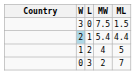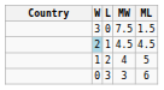 <table class="wikitable sortable" style="text-align:center">
 <tr>
 <th width=110>Country</th>
 <th>W</th>
 <th>L</th>
 <th>MW</th>
 <th>ML</th>
 </tr>
 <tr>
 <td align=left><strong></strong></td>
 <td>3</td>
 <td>0</td>
 <td>7.5</td>
 <td>1.5</td>
 </tr>
 <tr>
 <td align=left></td>
 <td style="background: lightblue;">2</td>
 <td>1</td>
-<td>5.4</td>
-<td>4.4</td>
+<td>4.5</td>
+<td>4.5</td>
 </tr>
 <tr>
 <td align=left></td>
 <td>1</td>
 <td>2</td>
 <td>4</td>
 <td>5</td>
 </tr>
 <tr>
 <td align=left></td>
 <td>0</td>
 <td>3</td>
-<td>2</td>
-<td>7</td>
+<td>3</td>
+<td>6</td>
 </tr>
 </table>
